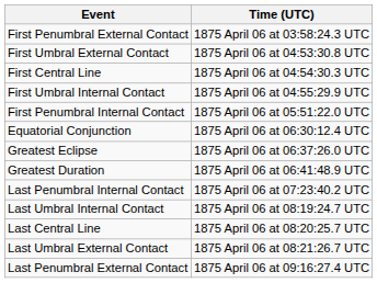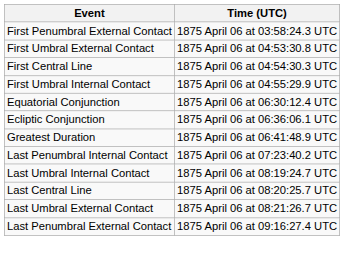 <table class="wikitable">
 <tr>
 <th>Event</th>
 <th>Time (UTC)</th>
 </tr>
 <tr>
 <td>First Penumbral External Contact</td>
 <td>1875 April 06 at 03:58:24.3 UTC</td>
 </tr>
 <tr>
 <td>First Umbral External Contact</td>
 <td>1875 April 06 at 04:53:30.8 UTC</td>
 </tr>
 <tr>
 <td>First Central Line</td>
 <td>1875 April 06 at 04:54:30.3 UTC</td>
 </tr>
 <tr>
 <td>First Umbral Internal Contact</td>
 <td>1875 April 06 at 04:55:29.9 UTC</td>
 </tr>
 <tr>
-<td>First Penumbral Internal Contact</td>
-<td>1875 April 06 at 05:51:22.0 UTC</td>
-</tr>
-<tr>
 <td>Equatorial Conjunction</td>
 <td>1875 April 06 at 06:30:12.4 UTC</td>
 </tr>
 <tr>
-<td>Greatest Eclipse</td>
-<td>1875 April 06 at 06:37:26.0 UTC</td>
+<td>Ecliptic Conjunction</td>
+<td>1875 April 06 at 06:36:06.1 UTC</td>
 </tr>
 <tr>
 <td>Greatest Duration</td>
 <td>1875 April 06 at 06:41:48.9 UTC</td>
 </tr>
 <tr>
 <td>Last Penumbral Internal Contact</td>
 <td>1875 April 06 at 07:23:40.2 UTC</td>
 </tr>
 <tr>
 <td>Last Umbral Internal Contact</td>
 <td>1875 April 06 at 08:19:24.7 UTC</td>
 </tr>
 <tr>
 <td>Last Central Line</td>
 <td>1875 April 06 at 08:20:25.7 UTC</td>
 </tr>
 <tr>
 <td>Last Umbral External Contact</td>
 <td>1875 April 06 at 08:21:26.7 UTC</td>
 </tr>
 <tr>
 <td>Last Penumbral External Contact</td>
 <td>1875 April 06 at 09:16:27.4 UTC</td>
 </tr>
 </table>
